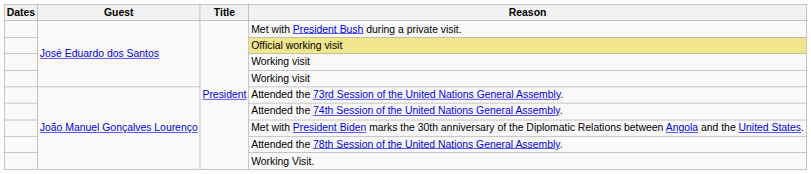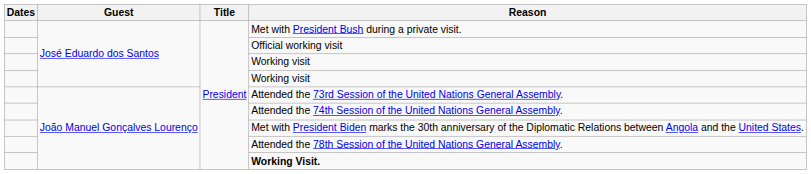 <table class="wikitable sortable">
 <tr>
 <th>Dates</th>
 <th>Guest</th>
 <th>Title</th>
 <th>Reason</th>
 </tr>
 <tr>
 <td></td>
 <td rowspan=4><a href='#'>José Eduardo dos Santos</a></td>
 <td rowspan=9><a href='#'>President</a></td>
 <td>Met with <a href='#'>President Bush</a> during a private visit.</td>
 </tr>
 <tr>
 <td></td>
-<td style="background: khaki;">Official working visit</td>
+<td>Official working visit</td>
 </tr>
 <tr>
 <td></td>
 <td>Working visit</td>
 </tr>
 <tr>
 <td></td>
 <td>Working visit</td>
 </tr>
 <tr>
 <td></td>
 <td rowspan=5><a href='#'>João Manuel Gonçalves Lourenço</a></td>
 <td>Attended the <a href='#'>73rd Session of the United Nations General Assembly</a>.</td>
 </tr>
 <tr>
 <td></td>
 <td>Attended the <a href='#'>74th Session of the United Nations General Assembly</a>.</td>
 </tr>
 <tr>
 <td></td>
 <td>Met with <a href='#'>President Biden</a> marks the 30th anniversary of the Diplomatic Relations between <a href='#'>Angola</a> and the <a href='#'>United States</a>.</td>
 </tr>
 <tr>
 <td></td>
 <td>Attended the <a href='#'>78th Session of the United Nations General Assembly</a>.</td>
 </tr>
 <tr>
 <td></td>
-<td>Working Visit.</td>
+<td><strong>Working Visit.</strong></td>
 </tr>
 </table>
